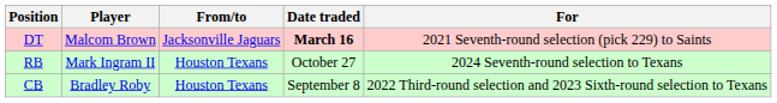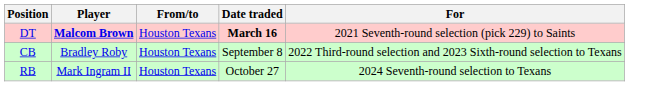 <table class="wikitable" style="text-align:center">
 <tr>
 <th>Position</th>
 <th>Player</th>
 <th>From/to</th>
 <th>Date traded</th>
 <th>For</th>
 </tr>
 <tr style="background:#fcc">
 <td><a href='#'>DT</a></td>
-<td><a href='#'>Malcom Brown</a></td>
-<td><a href='#'>Jacksonville Jaguars</a></td>
+<td><strong><a href='#'>Malcom Brown</a></strong></td>
+<td><a href='#'>Houston Texans</a></td>
 <td><strong>March 16</strong></td>
 <td>2021 Seventh-round selection (pick 229) to Saints</td>
+</tr>
+<tr style="background:#cfc">
+<td><a href='#'>CB</a></td>
+<td><a href='#'>Bradley Roby</a></td>
+<td><a href='#'>Houston Texans</a></td>
+<td>September 8</td>
+<td>2022 Third-round selection and 2023 Sixth-round selection to Texans</td>
 </tr>
 <tr style="background:#cfc">
 <td><a href='#'>RB</a></td>
 <td><a href='#'>Mark Ingram II</a></td>
 <td><a href='#'>Houston Texans</a></td>
 <td>October 27</td>
 <td>2024 Seventh-round selection to Texans</td>
 </tr>
-<tr style="background:#cfc">
-<td><a href='#'>CB</a></td>
-<td><a href='#'>Bradley Roby</a></td>
-<td><a href='#'>Houston Texans</a></td>
-<td>September 8</td>
-<td>2022 Third-round selection and 2023 Sixth-round selection to Texans</td>
-</tr>
 </table>
